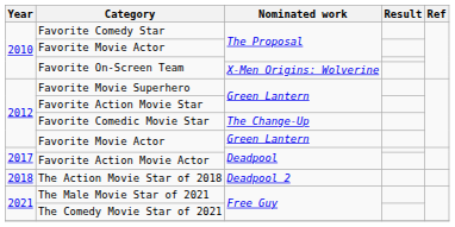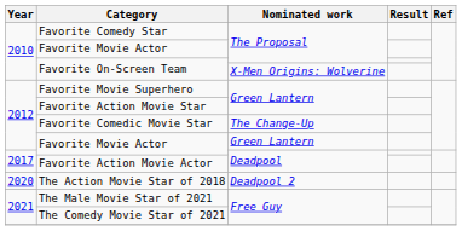 <table class="wikitable">
 <tr>
 <th>Year</th>
 <th>Category</th>
 <th>Nominated work</th>
 <th>Result</th>
 <th>Ref</th>
 </tr>
 <tr>
 <td rowspan="4"><a href='#'>2010</a></td>
 <td>Favorite Comedy Star</td>
 <td rowspan=3><em><a href='#'>The Proposal</a></em></td>
 <td></td>
 <td rowspan=4></td>
 </tr>
 <tr>
 <td>Favorite Movie Actor</td>
 <td></td>
 </tr>
 <tr>
 <td rowspan="2">Favorite On-Screen Team</td>
 <td></td>
 </tr>
 <tr>
 <td><em><a href='#'>X-Men Origins: Wolverine</a></em></td>
 <td></td>
 </tr>
 <tr>
 <td rowspan="4"><a href='#'>2012</a></td>
 <td>Favorite Movie Superhero</td>
 <td rowspan=2><em><a href='#'>Green Lantern</a></em></td>
 <td></td>
 <td rowspan=4></td>
 </tr>
 <tr>
 <td>Favorite Action Movie Star</td>
 <td></td>
 </tr>
 <tr>
 <td>Favorite Comedic Movie Star</td>
 <td><em><a href='#'>The Change-Up</a></em></td>
 <td></td>
 </tr>
 <tr>
 <td rowspan="2">Favorite Movie Actor</td>
 <td><em><a href='#'>Green Lantern</a></em></td>
 <td></td>
 </tr>
 <tr>
 <td rowspan="2"><a href='#'>2017</a></td>
 <td rowspan="2"><em><a href='#'>Deadpool</a></em></td>
 <td></td>
 <td rowspan=2></td>
 </tr>
 <tr>
 <td>Favorite Action Movie Actor</td>
 <td></td>
 </tr>
 <tr>
-<td><a href='#'>2018</a></td>
+<td><a href='#'>2020</a></td>
 <td>The Action Movie Star of 2018</td>
 <td><em><a href='#'>Deadpool 2</a></em></td>
 <td></td>
 <td></td>
 </tr>
 <tr>
 <td rowspan="2"><a href='#'>2021</a></td>
 <td>The Male Movie Star of 2021</td>
 <td rowspan="2"><em><a href='#'>Free Guy</a></em></td>
 <td></td>
 <td rowspan="2"></td>
 </tr>
 <tr>
 <td>The Comedy Movie Star of 2021</td>
 <td></td>
 </tr>
 <tr>
 </tr>
 </table>
